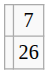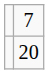 <table class="wikitable">
 <tr>
 <td></td>
 <td style="text-align: center;">7</td>
 </tr>
 <tr>
 <td></td>
-<td style="text-align: center;">26</td>
+<td style="text-align: center;">20</td>
 </tr>
 </table>
